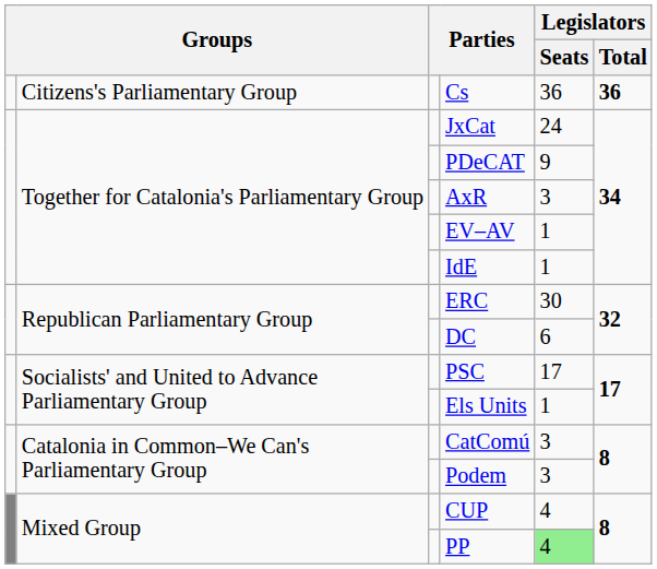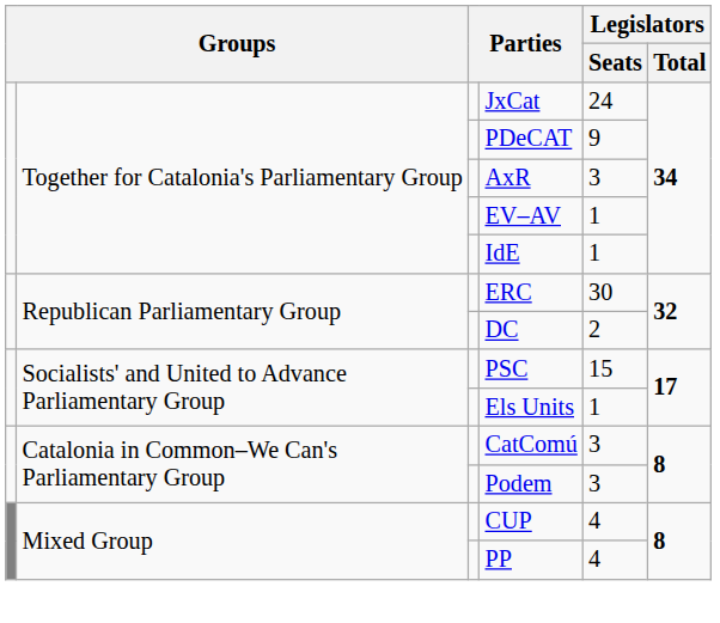 <table class="wikitable" style="text-align:left;">
 <tr>
 <th rowspan="2" colspan="2">Groups</th>
 <th rowspan="2" colspan="2">Parties</th>
 <th colspan="2">Legislators</th>
 </tr>
 <tr>
 <th>Seats</th>
 <th>Total</th>
-</tr>
-<tr>
-<td width="1" style="color:inherit;background:"></td>
-<td>Citizens's Parliamentary Group</td>
-<td width="1" style="color:inherit;background:"></td>
-<td><a href='#'>Cs</a></td>
-<td>36</td>
-<td><strong>36</strong></td>
 </tr>
 <tr>
 <td rowspan="5" style="color:inherit;background:"></td>
 <td rowspan="5">Together for Catalonia's Parliamentary Group</td>
 <td style="color:inherit;background:"></td>
 <td><a href='#'>JxCat</a></td>
 <td>24</td>
 <td rowspan="5"><strong>34</strong></td>
 </tr>
 <tr>
 <td style="color:inherit;background:"></td>
 <td><a href='#'>PDeCAT</a></td>
 <td>9</td>
 </tr>
 <tr>
 <td style="color:inherit;background:"></td>
 <td><a href='#'>AxR</a></td>
 <td>3</td>
 </tr>
 <tr>
 <td style="color:inherit;background:"></td>
 <td><a href='#'>EV–AV</a></td>
 <td>1</td>
 </tr>
 <tr>
 <td style="color:inherit;background:"></td>
 <td><a href='#'>IdE</a></td>
 <td>1</td>
 </tr>
 <tr>
 <td rowspan="2" style="color:inherit;background:"></td>
 <td rowspan="2">Republican Parliamentary Group</td>
 <td style="color:inherit;background:"></td>
 <td><a href='#'>ERC</a></td>
 <td>30</td>
 <td rowspan="2"><strong>32</strong></td>
 </tr>
 <tr>
 <td style="color:inherit;background:"></td>
 <td><a href='#'>DC</a></td>
-<td>6</td>
+<td>2</td>
 </tr>
 <tr>
 <td rowspan="2" style="color:inherit;background:"></td>
 <td rowspan="2">Socialists' and United to Advance<br>Parliamentary Group</td>
 <td style="color:inherit;background:"></td>
 <td><a href='#'>PSC</a></td>
-<td>17</td>
+<td>15</td>
 <td rowspan="2"><strong>17</strong></td>
 </tr>
 <tr>
 <td style="color:inherit;background:"></td>
 <td><a href='#'>Els Units</a></td>
 <td>1</td>
 </tr>
 <tr>
 <td rowspan="2" style="color:inherit;background:"></td>
 <td rowspan="2">Catalonia in Common–We Can's<br>Parliamentary Group</td>
 <td style="color:inherit;background:"></td>
 <td><a href='#'>CatComú</a></td>
 <td>3</td>
 <td rowspan="2"><strong>8</strong></td>
 </tr>
 <tr>
 <td style="color:inherit;background:"></td>
 <td><a href='#'>Podem</a></td>
 <td>3</td>
 </tr>
 <tr>
 <td rowspan="2" bgcolor="gray"></td>
 <td rowspan="2">Mixed Group</td>
 <td style="color:inherit;background:"></td>
 <td><a href='#'>CUP</a></td>
 <td>4</td>
 <td rowspan="2"><strong>8</strong></td>
 </tr>
 <tr>
 <td style="color:inherit;background:"></td>
 <td><a href='#'>PP</a></td>
-<td style="background: lightgreen;">4</td>
+<td>4</td>
 </tr>
 </table>
